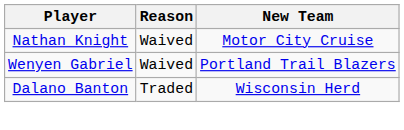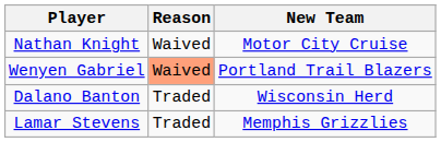 <table class="wikitable sortable sortable" style="text-align: center">
 <tr>
 <th>Player</th>
 <th>Reason</th>
 <th>New Team</th>
 </tr>
 <tr>
 <td><a href='#'>Nathan Knight</a></td>
 <td>Waived</td>
 <td><a href='#'>Motor City Cruise</a></td>
 </tr>
 <tr>
 <td><a href='#'>Wenyen Gabriel</a></td>
-<td>Waived</td>
+<td style="background: lightsalmon;">Waived</td>
 <td><a href='#'>Portland Trail Blazers</a></td>
 </tr>
 <tr>
 <td><a href='#'>Dalano Banton</a></td>
 <td>Traded</td>
 <td><a href='#'>Wisconsin Herd</a></td>
 </tr>
+<tr>
+<td><a href='#'>Lamar Stevens</a></td>
+<td>Traded</td>
+<td><a href='#'>Memphis Grizzlies</a></td>
+</tr>
 </table>
